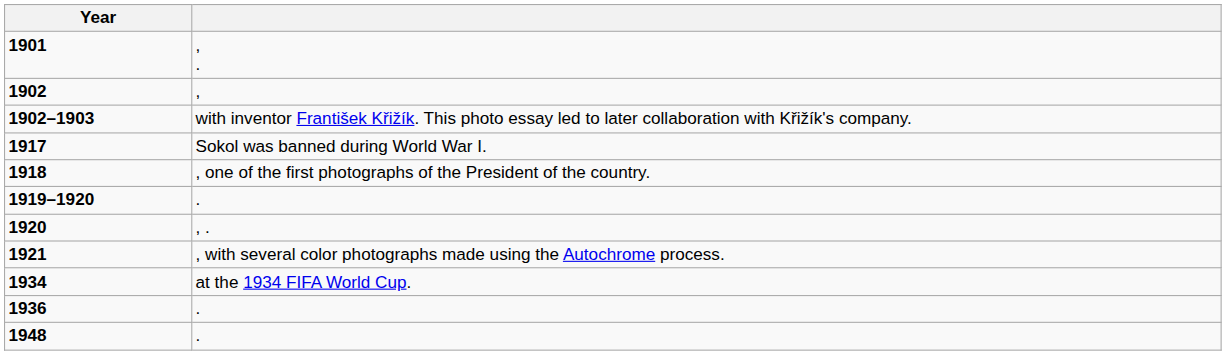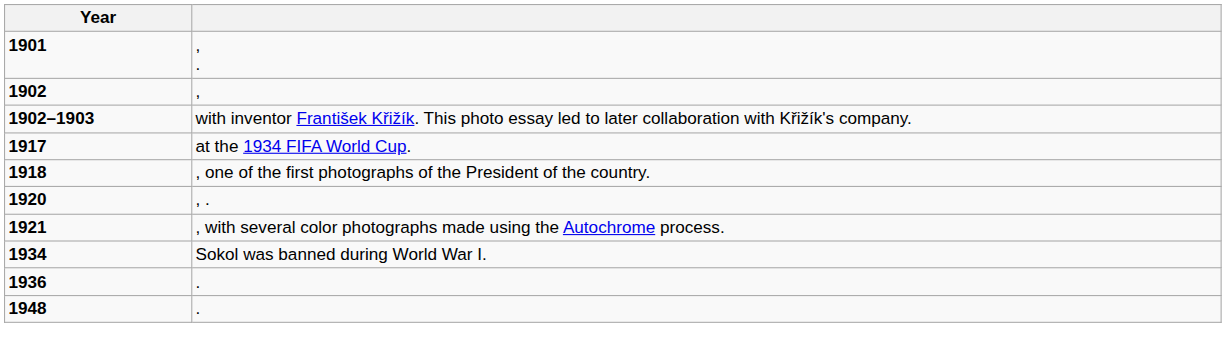 <table class="wikitable" width=90%>
 <tr bgcolor="#efefef">
 <th width="6%">Year</th>
 <th width="33%"></th>
 </tr>
 <tr valign=top>
 <td><strong>1901</strong></td>
 <td>,<br>.</td>
 </tr>
 <tr>
 <td><strong>1902</strong></td>
 <td>,</td>
 </tr>
 <tr>
 <td><strong>1902–1903</strong></td>
 <td> with inventor <a href='#'>František Křižík</a>. This photo essay led to later collaboration with Křižík's company.</td>
 </tr>
 <tr>
 <td><strong>1917</strong></td>
-<td> Sokol was banned during World War I.</td>
+<td> at the <a href='#'>1934 FIFA World Cup</a>.</td>
 </tr>
 <tr>
 <td><strong>1918</strong></td>
 <td>, one of the first photographs of the President of the country.</td>
-</tr>
-<tr>
-<td><strong>1919–1920</strong></td>
-<td>.</td>
 </tr>
 <tr>
 <td><strong>1920</strong></td>
 <td>, .</td>
 </tr>
 <tr>
 <td><strong>1921</strong></td>
 <td>, with several color photographs made using the <a href='#'>Autochrome</a> process.</td>
 </tr>
 <tr>
 <td><strong>1934</strong></td>
-<td> at the <a href='#'>1934 FIFA World Cup</a>.</td>
+<td> Sokol was banned during World War I.</td>
 </tr>
 <tr>
 <td><strong>1936</strong></td>
 <td>.</td>
 </tr>
 <tr>
 <td><strong>1948</strong></td>
 <td>.</td>
 </tr>
 </table>
